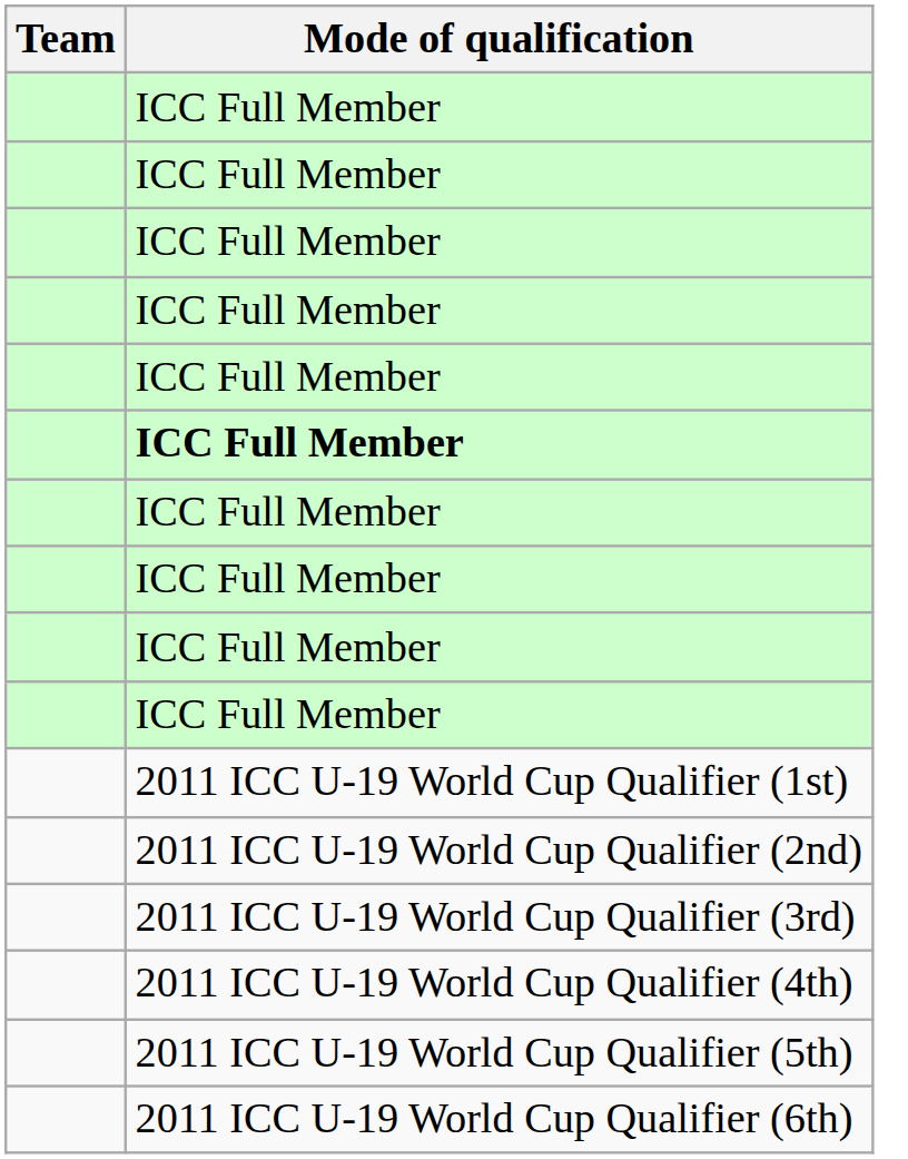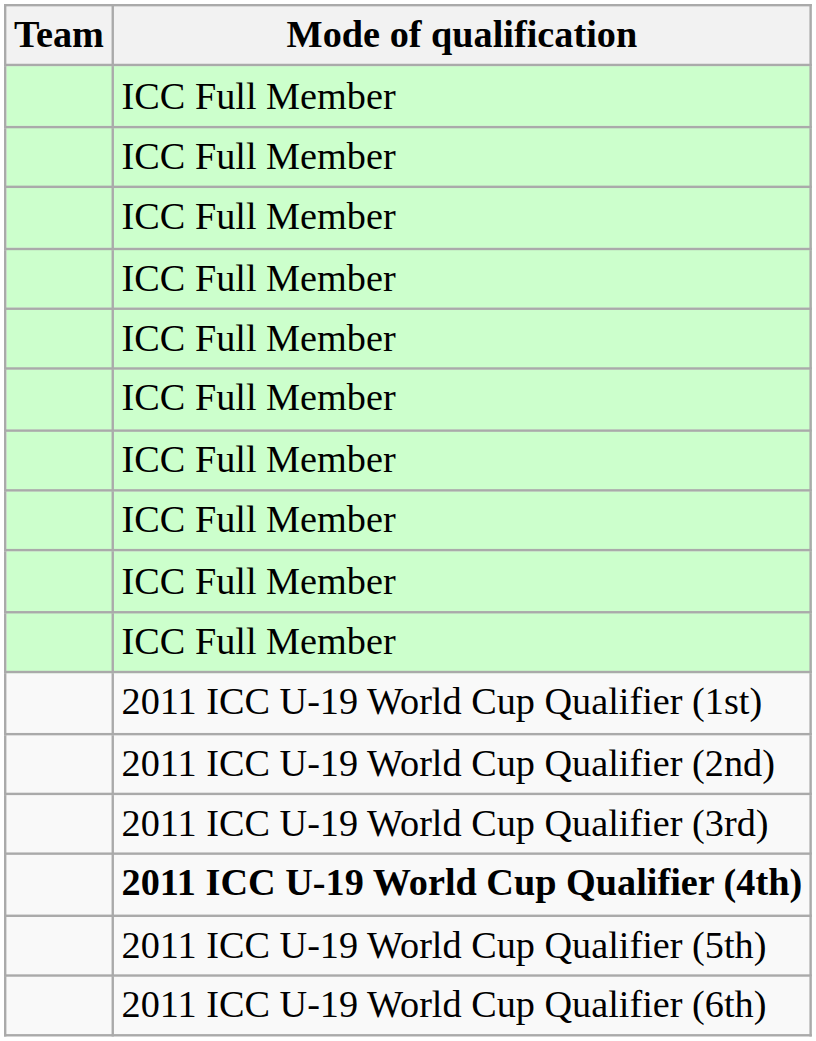 <table class="wikitable">
 <tr>
 <th>Team</th>
 <th>Mode of qualification</th>
 </tr>
 <tr style="background:#cfc;">
 <td></td>
 <td>ICC Full Member</td>
 </tr>
 <tr style="background:#cfc;">
 <td></td>
 <td>ICC Full Member</td>
 </tr>
 <tr style="background:#cfc;">
 <td></td>
 <td>ICC Full Member</td>
 </tr>
 <tr style="background:#cfc;">
 <td></td>
 <td>ICC Full Member</td>
 </tr>
 <tr style="background:#cfc;">
 <td></td>
 <td>ICC Full Member</td>
 </tr>
 <tr style="background:#cfc;">
 <td></td>
-<td><strong>ICC Full Member</strong></td>
+<td>ICC Full Member</td>
 </tr>
 <tr style="background:#cfc;">
 <td></td>
 <td>ICC Full Member</td>
 </tr>
 <tr style="background:#cfc;">
 <td></td>
 <td>ICC Full Member</td>
 </tr>
 <tr style="background:#cfc;">
 <td></td>
 <td>ICC Full Member</td>
 </tr>
 <tr style="background:#cfc;">
 <td></td>
 <td>ICC Full Member</td>
 </tr>
 <tr style="background:#FF FA CD;">
 <td></td>
 <td>2011 ICC U-19 World Cup Qualifier (1st)</td>
 </tr>
 <tr style="background:#FF FA CD;">
 <td></td>
 <td>2011 ICC U-19 World Cup Qualifier (2nd)</td>
 </tr>
 <tr style="background:#FF FA CD;">
 <td></td>
 <td>2011 ICC U-19 World Cup Qualifier (3rd)</td>
 </tr>
 <tr style="background:#FF FA CD;">
 <td></td>
-<td>2011 ICC U-19 World Cup Qualifier (4th)</td>
+<td><strong>2011 ICC U-19 World Cup Qualifier (4th)</strong></td>
 </tr>
 <tr style="background:#FF FA CD;">
 <td></td>
 <td>2011 ICC U-19 World Cup Qualifier (5th)</td>
 </tr>
 <tr style="background:#FF FA CD;">
 <td></td>
 <td>2011 ICC U-19 World Cup Qualifier (6th)</td>
 </tr>
 </table>
